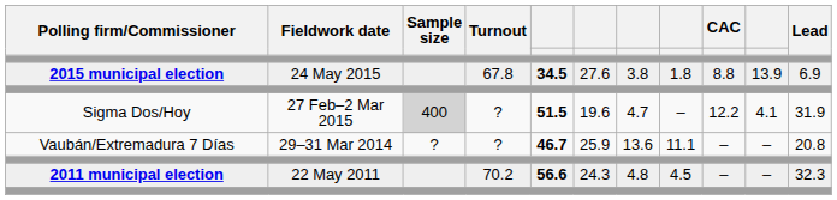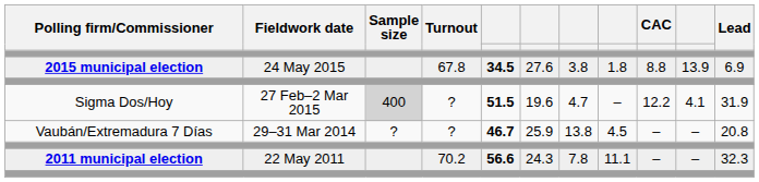 <table class="wikitable collapsible collapsed" style="text-align:center; font-size:95%; line-height:16px;">
 <tr style="height:42px;">
 <th style="width:250px;" rowspan="2">Polling firm/Commissioner</th>
 <th style="width:125px;" rowspan="2">Fieldwork date</th>
 <th style="width:50px;" rowspan="2">Sample size</th>
 <th style="width:45px;" rowspan="2">Turnout</th>
 <th style="width:35px;"></th>
 <th style="width:35px;"></th>
 <th style="width:35px;"></th>
 <th style="width:35px;"></th>
 <th style="width:35px;">CAC</th>
 <th style="width:35px;"></th>
 <th style="width:30px;" rowspan="2">Lead</th>
 </tr>
 <tr>
 <th style="color:inherit;background:"></th>
 <th style="color:inherit;background:"></th>
 <th style="color:inherit;background:"></th>
 <th style="color:inherit;background:"></th>
 <th style="color:inherit;background:"></th>
 <th style="color:inherit;background:"></th>
 </tr>
 <tr>
 <td colspan="11" style="background:#A0A0A0"></td>
 </tr>
 <tr style="background:#EFEFEF;">
 <td><strong><a href='#'>2015 municipal election</a></strong></td>
 <td>24 May 2015</td>
 <td></td>
 <td>67.8</td>
 <td><strong>34.5</strong><br></td>
 <td>27.6<br></td>
 <td>3.8<br></td>
 <td>1.8<br></td>
 <td>8.8<br></td>
 <td>13.9<br></td>
 <td style="background:">6.9</td>
 </tr>
 <tr>
 <td colspan="11" style="background:#A0A0A0"></td>
 </tr>
 <tr>
 <td>Sigma Dos/Hoy</td>
 <td>27 Feb–2 Mar 2015</td>
 <td style="background: lightgrey;">400</td>
 <td>?</td>
 <td><strong>51.5</strong><br></td>
 <td>19.6<br></td>
 <td>4.7<br></td>
 <td>–</td>
 <td>12.2<br></td>
 <td>4.1<br></td>
 <td style="background:">31.9</td>
 </tr>
 <tr>
 <td>Vaubán/Extremadura 7 Días</td>
 <td>29–31 Mar 2014</td>
 <td>?</td>
 <td>?</td>
 <td><strong>46.7</strong></td>
 <td>25.9</td>
-<td>13.6</td>
-<td>11.1</td>
+<td>13.8</td>
+<td>4.5<br></td>
 <td>–</td>
 <td>–</td>
 <td style="background:">20.8</td>
 </tr>
 <tr>
 <td colspan="11" style="background:#A0A0A0"></td>
 </tr>
 <tr style="background:#EFEFEF;">
 <td><strong><a href='#'>2011 municipal election</a></strong></td>
 <td>22 May 2011</td>
 <td></td>
 <td>70.2</td>
 <td><strong>56.6</strong><br></td>
 <td>24.3<br></td>
-<td>4.8<br></td>
-<td>4.5<br></td>
+<td>7.8<br></td>
+<td>11.1</td>
 <td>–</td>
 <td>–</td>
 <td style="background:">32.3</td>
 </tr>
 <tr>
 <td colspan="11" style="background:#A0A0A0"></td>
 </tr>
 </table>
